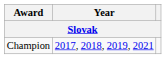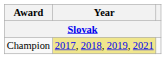 <table class="wikitable">
 <tr>
 <th>Award</th>
 <th>Year</th>
 <th></th>
 </tr>
 <tr>
 <th colspan="3"><a href='#'>Slovak</a></th>
 </tr>
 <tr>
 <td>Champion</td>
-<td><a href='#'>2017</a>, <a href='#'>2018</a>, <a href='#'>2019</a>, <a href='#'>2021</a></td>
+<td style="background: khaki;"><a href='#'>2017</a>, <a href='#'>2018</a>, <a href='#'>2019</a>, <a href='#'>2021</a></td>
 <td></td>
 </tr>
 </table>
